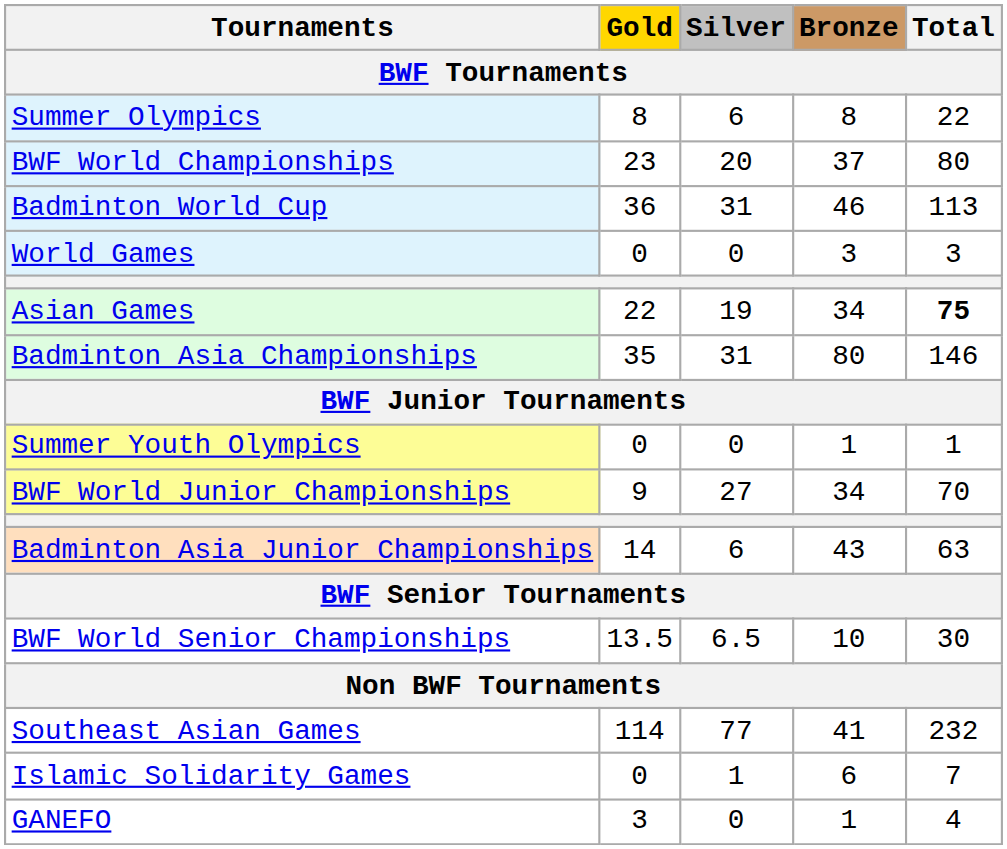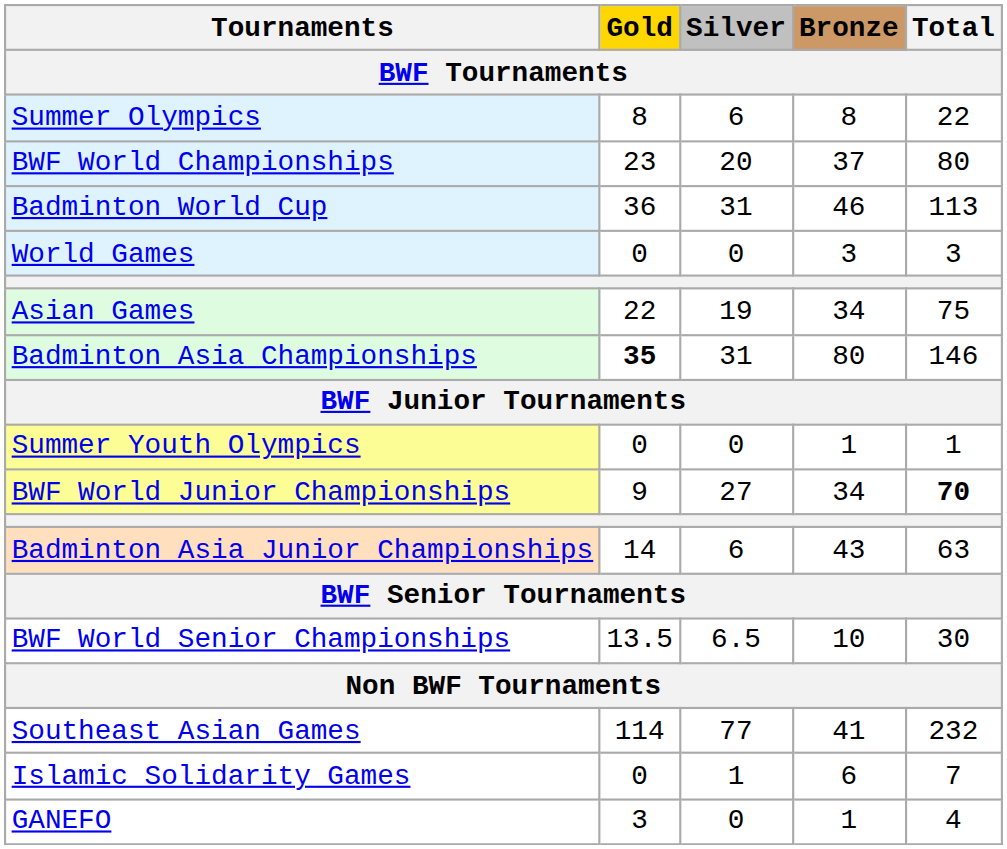 <table class="wikitable" style="text-align:center; background:white">
 <tr>
 <th>Tournaments</th>
 <th style=background:#FFD700>Gold</th>
 <th style=background:#C0C0C0>Silver</th>
 <th style=background:#CC9966>Bronze</th>
 <th>Total</th>
 </tr>
 <tr>
 <th colspan="5"><a href='#'>BWF</a>  Tournaments</th>
 </tr>
 <tr>
 <td style="background:#DEF3FD" align="left"><a href='#'>Summer Olympics</a></td>
 <td>8</td>
 <td>6</td>
 <td>8</td>
 <td>22</td>
 </tr>
 <tr>
 <td style="background:#DEF3FD" align="left"><a href='#'>BWF World Championships</a></td>
 <td>23</td>
 <td>20</td>
 <td>37</td>
 <td>80</td>
 </tr>
 <tr>
 <td style="background:#DEF3FD" align="left"><a href='#'>Badminton World Cup</a></td>
 <td>36</td>
 <td>31</td>
 <td>46</td>
 <td>113</td>
 </tr>
 <tr>
 <td style="background:#DEF3FD" align="left"><a href='#'>World Games</a></td>
 <td>0</td>
 <td>0</td>
 <td>3</td>
 <td>3</td>
 </tr>
 <tr>
 <th colspan="6"></th>
 </tr>
 <tr>
 <td style="background:#DEFDE0" align="left"><a href='#'>Asian Games</a></td>
 <td>22</td>
 <td>19</td>
 <td>34</td>
-<td><strong>75</strong></td>
+<td>75</td>
 </tr>
 <tr>
 <td style="background:#DEFDE0" align="left"><a href='#'>Badminton Asia Championships</a></td>
-<td>35</td>
+<td><strong>35</strong></td>
 <td>31</td>
 <td>80</td>
 <td>146</td>
 </tr>
 <tr>
 <th colspan="5"><a href='#'>BWF</a> Junior Tournaments</th>
 </tr>
 <tr>
 <td style="background:#FDFD96" align="left"><a href='#'>Summer Youth Olympics</a></td>
 <td>0</td>
 <td>0</td>
 <td>1</td>
 <td>1</td>
 </tr>
 <tr>
 <td style="background:#FDFD96" align="left"><a href='#'>BWF World Junior Championships</a></td>
 <td>9</td>
 <td>27</td>
 <td>34</td>
-<td>70</td>
+<td><strong>70</strong></td>
 </tr>
 <tr>
 <th colspan="5"></th>
 </tr>
 <tr>
 <td style="background:#FFDFBE" align="left"><a href='#'>Badminton Asia Junior Championships</a></td>
 <td>14</td>
 <td>6</td>
 <td>43</td>
 <td>63</td>
 </tr>
 <tr>
 <th colspan="5"><a href='#'>BWF</a> Senior Tournaments</th>
 </tr>
 <tr>
 <td align=left><a href='#'>BWF World Senior Championships</a></td>
 <td>13.5</td>
 <td>6.5</td>
 <td>10</td>
 <td>30</td>
 </tr>
 <tr>
 <th colspan="5">Non BWF Tournaments</th>
 </tr>
 <tr>
 <td align=left><a href='#'>Southeast Asian Games</a></td>
 <td>114</td>
 <td>77</td>
 <td>41</td>
 <td>232</td>
 </tr>
 <tr>
 <td align=left><a href='#'>Islamic Solidarity Games</a></td>
 <td>0</td>
 <td>1</td>
 <td>6</td>
 <td>7</td>
 </tr>
 <tr>
 <td align=left><a href='#'>GANEFO</a></td>
 <td>3</td>
 <td>0</td>
 <td>1</td>
 <td>4</td>
 </tr>
 </table>
